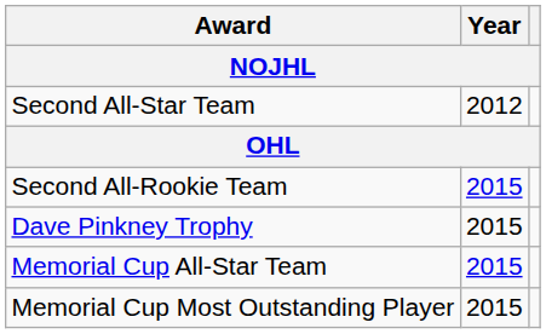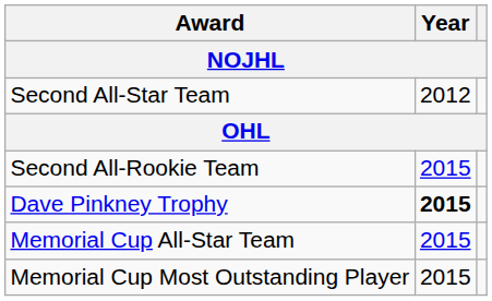 <table class="wikitable">
 <tr>
 <th>Award</th>
 <th>Year</th>
 <th></th>
 </tr>
 <tr>
 <th colspan="3"><a href='#'>NOJHL</a></th>
 </tr>
 <tr>
 <td>Second All-Star Team</td>
 <td>2012</td>
 <td></td>
 </tr>
 <tr>
 <th colspan="3"><a href='#'>OHL</a></th>
 </tr>
 <tr>
 <td>Second All-Rookie Team</td>
 <td><a href='#'>2015</a></td>
 <td></td>
 </tr>
 <tr>
 <td><a href='#'>Dave Pinkney Trophy</a></td>
-<td>2015</td>
+<td><strong>2015</strong></td>
 <td></td>
 </tr>
 <tr>
 <td><a href='#'>Memorial Cup</a> All-Star Team</td>
 <td><a href='#'>2015</a></td>
 <td></td>
 </tr>
 <tr>
 <td>Memorial Cup Most Outstanding Player</td>
 <td>2015</td>
 <td></td>
 </tr>
 </table>
